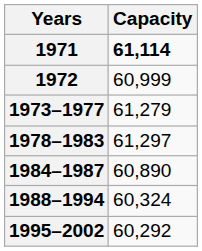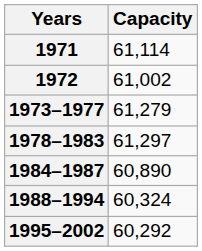 <table class="wikitable">
 <tr>
 <th scope="row">Years</th>
 <th scope="row">Capacity</th>
 </tr>
 <tr>
 <th scope="row">1971</th>
-<td><strong>61,114</strong></td>
+<td>61,114</td>
 </tr>
 <tr>
 <th scope="row">1972</th>
-<td>60,999</td>
+<td>61,002</td>
 </tr>
 <tr>
 <th scope="row">1973–1977</th>
 <td>61,279</td>
 </tr>
 <tr>
 <th scope="row">1978–1983</th>
 <td>61,297</td>
 </tr>
 <tr>
 <th scope="row">1984–1987</th>
 <td>60,890</td>
 </tr>
 <tr>
 <th scope="row">1988–1994</th>
 <td>60,324</td>
 </tr>
 <tr>
 <th scope="row">1995–2002</th>
 <td>60,292</td>
 </tr>
 </table>
